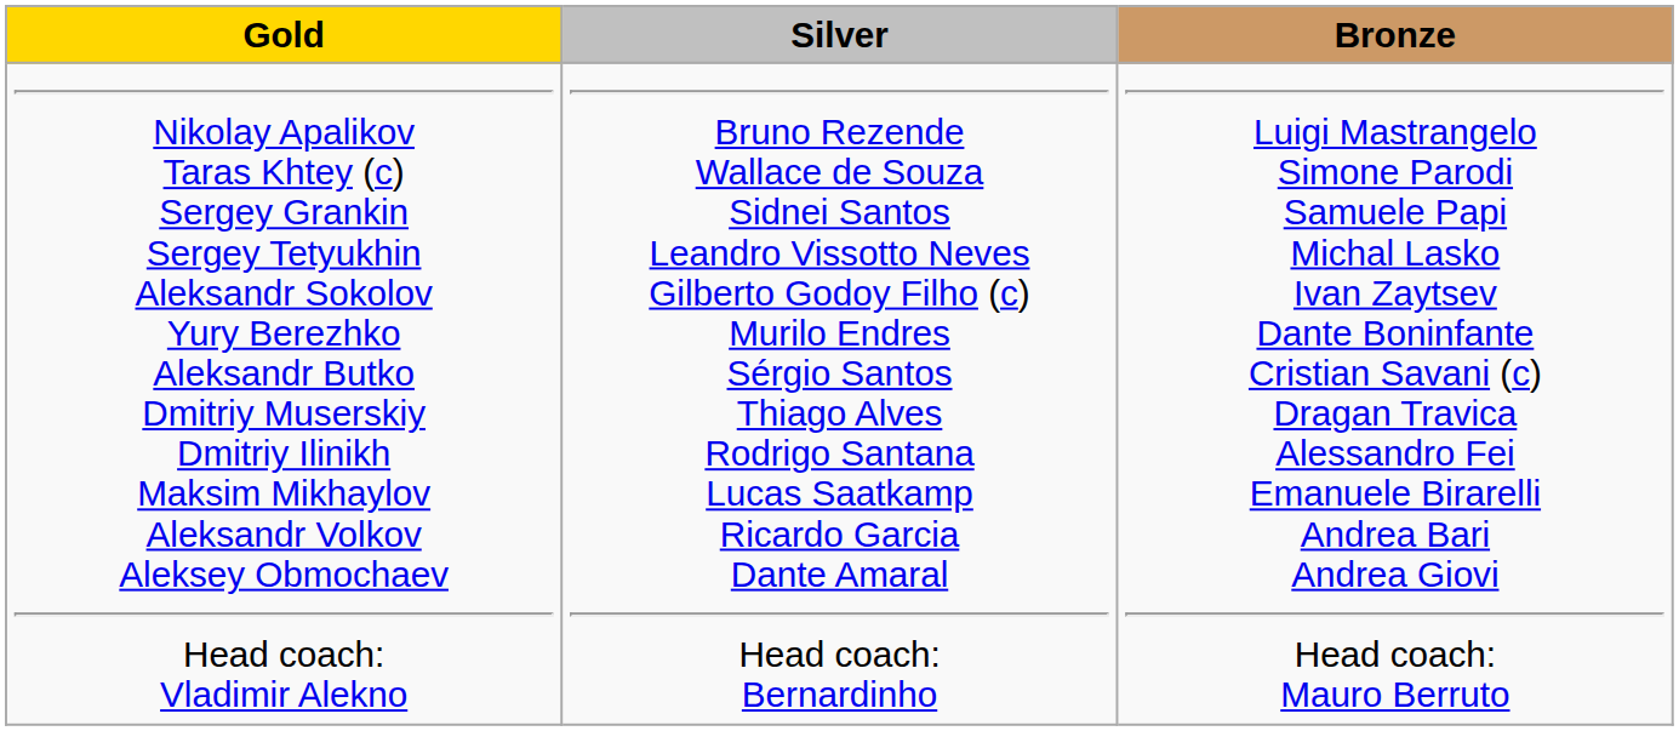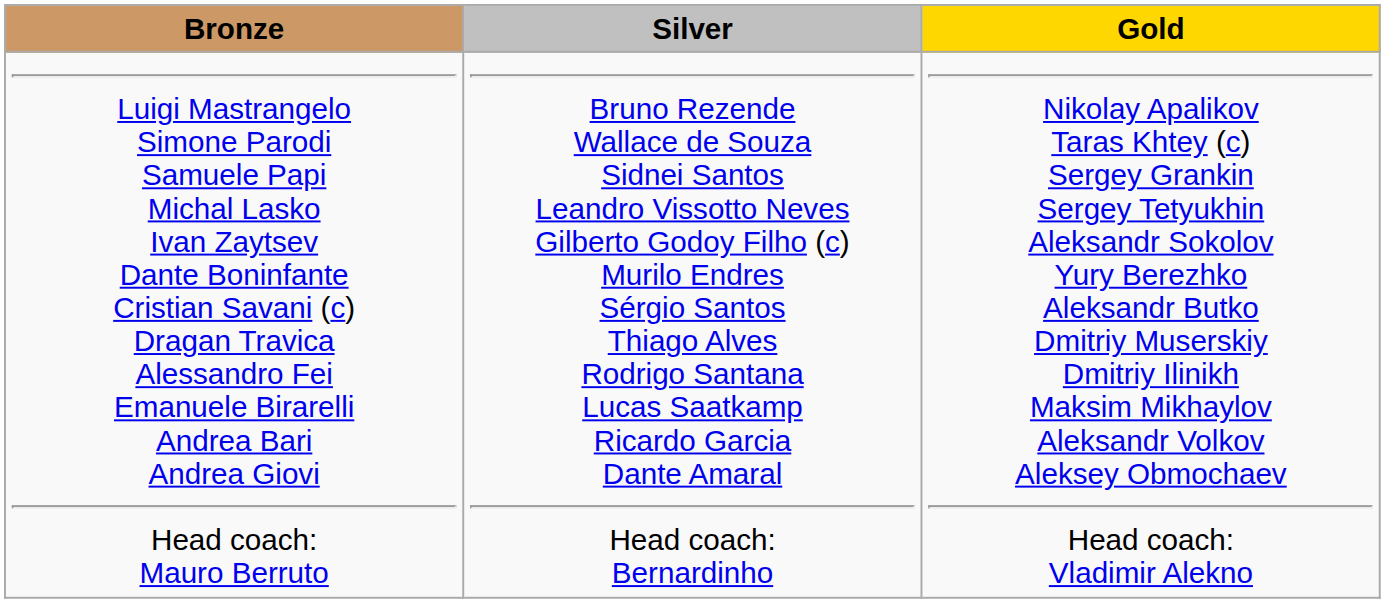 <table class="wikitable" style="text-align:center; font-size:95%">
 <tr>
+<td style="width:15em; background:#cc9966"><strong>Bronze</strong></td>
+<td style="width:15em; background:silver"><strong>Silver</strong></td>
 <td style="width:15em; background:gold"><strong>Gold</strong></td>
-<td style="width:15em; background:silver"><strong>Silver</strong></td>
-<td style="width:15em; background:#cc9966"><strong>Bronze</strong></td>
 </tr>
 <tr>
+<td><hr><a href='#'>Luigi Mastrangelo</a><br><a href='#'>Simone Parodi</a><br><a href='#'>Samuele Papi</a><br><a href='#'>Michal Lasko</a><br><a href='#'>Ivan Zaytsev</a><br><a href='#'>Dante Boninfante</a><br><a href='#'>Cristian Savani</a> (<a href='#'>c</a>)<br><a href='#'>Dragan Travica</a><br><a href='#'>Alessandro Fei</a><br><a href='#'>Emanuele Birarelli</a><br><a href='#'>Andrea Bari</a><br><a href='#'>Andrea Giovi</a><br><hr>Head coach:<br><a href='#'>Mauro Berruto</a></td>
+<td><hr><a href='#'>Bruno Rezende</a><br><a href='#'>Wallace de Souza</a><br><a href='#'>Sidnei Santos</a><br><a href='#'>Leandro Vissotto Neves</a><br><a href='#'>Gilberto Godoy Filho</a> (<a href='#'>c</a>)<br><a href='#'>Murilo Endres</a><br><a href='#'>Sérgio Santos</a><br><a href='#'>Thiago Alves</a><br><a href='#'>Rodrigo Santana</a><br><a href='#'>Lucas Saatkamp</a><br><a href='#'>Ricardo Garcia</a><br><a href='#'>Dante Amaral</a><br><hr>Head coach:<br><a href='#'>Bernardinho</a></td>
 <td><hr><a href='#'>Nikolay Apalikov</a><br><a href='#'>Taras Khtey</a> (<a href='#'>c</a>)<br><a href='#'>Sergey Grankin</a><br><a href='#'>Sergey Tetyukhin</a><br><a href='#'>Aleksandr Sokolov</a><br><a href='#'>Yury Berezhko</a><br><a href='#'>Aleksandr Butko</a><br><a href='#'>Dmitriy Muserskiy</a><br><a href='#'>Dmitriy Ilinikh</a><br><a href='#'>Maksim Mikhaylov</a><br><a href='#'>Aleksandr Volkov</a><br><a href='#'>Aleksey Obmochaev</a><br><hr>Head coach:<br><a href='#'>Vladimir Alekno</a></td>
-<td><hr><a href='#'>Bruno Rezende</a><br><a href='#'>Wallace de Souza</a><br><a href='#'>Sidnei Santos</a><br><a href='#'>Leandro Vissotto Neves</a><br><a href='#'>Gilberto Godoy Filho</a> (<a href='#'>c</a>)<br><a href='#'>Murilo Endres</a><br><a href='#'>Sérgio Santos</a><br><a href='#'>Thiago Alves</a><br><a href='#'>Rodrigo Santana</a><br><a href='#'>Lucas Saatkamp</a><br><a href='#'>Ricardo Garcia</a><br><a href='#'>Dante Amaral</a><br><hr>Head coach:<br><a href='#'>Bernardinho</a></td>
-<td><hr><a href='#'>Luigi Mastrangelo</a><br><a href='#'>Simone Parodi</a><br><a href='#'>Samuele Papi</a><br><a href='#'>Michal Lasko</a><br><a href='#'>Ivan Zaytsev</a><br><a href='#'>Dante Boninfante</a><br><a href='#'>Cristian Savani</a> (<a href='#'>c</a>)<br><a href='#'>Dragan Travica</a><br><a href='#'>Alessandro Fei</a><br><a href='#'>Emanuele Birarelli</a><br><a href='#'>Andrea Bari</a><br><a href='#'>Andrea Giovi</a><br><hr>Head coach:<br><a href='#'>Mauro Berruto</a></td>
 </tr>
 </table>
